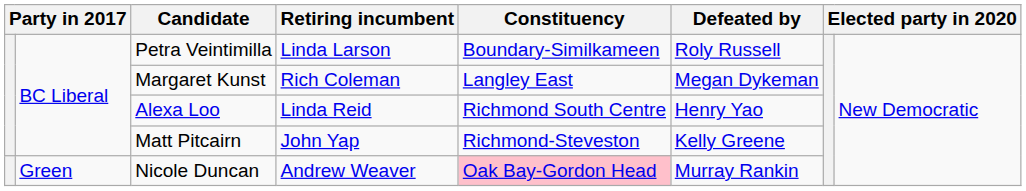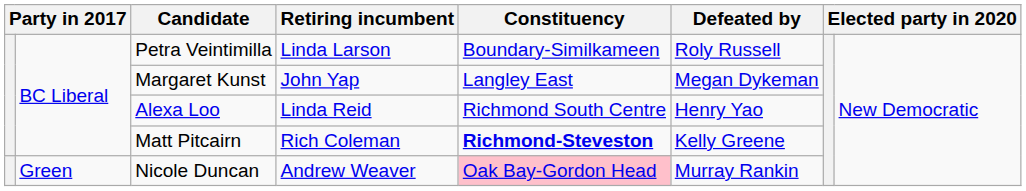 <table class="wikitable sortable">
 <tr>
 <th colspan="2">Party in 2017</th>
 <th>Candidate</th>
 <th>Retiring incumbent</th>
 <th>Constituency</th>
 <th>Defeated by</th>
 <th colspan="2">Elected party in 2020</th>
 </tr>
 <tr>
 <th rowspan="4" style="background-color: "></th>
 <td rowspan="4"><a href='#'>BC Liberal</a></td>
 <td>Petra Veintimilla</td>
 <td><a href='#'>Linda Larson</a></td>
 <td><a href='#'>Boundary-Similkameen</a></td>
 <td><a href='#'>Roly Russell</a></td>
 <th rowspan="5" style="background-color: "></th>
 <td rowspan="5"><a href='#'>New Democratic</a></td>
 </tr>
 <tr>
 <td>Margaret Kunst</td>
-<td><a href='#'>Rich Coleman</a></td>
+<td><a href='#'>John Yap</a></td>
 <td><a href='#'>Langley East</a></td>
 <td><a href='#'>Megan Dykeman</a></td>
 </tr>
 <tr>
 <td><a href='#'>Alexa Loo</a></td>
 <td><a href='#'>Linda Reid</a></td>
 <td><a href='#'>Richmond South Centre</a></td>
 <td><a href='#'>Henry Yao</a></td>
 </tr>
 <tr>
 <td>Matt Pitcairn</td>
-<td><a href='#'>John Yap</a></td>
-<td><a href='#'>Richmond-Steveston</a></td>
+<td><a href='#'>Rich Coleman</a></td>
+<td><strong><a href='#'>Richmond-Steveston</a></strong></td>
 <td><a href='#'>Kelly Greene</a></td>
 </tr>
 <tr>
 <th rowspan="1" style="background-color: "></th>
 <td><a href='#'>Green</a></td>
 <td>Nicole Duncan</td>
 <td><a href='#'>Andrew Weaver</a></td>
 <td style="background: pink;"><a href='#'>Oak Bay-Gordon Head</a></td>
 <td><a href='#'>Murray Rankin</a></td>
 </tr>
 </table>
